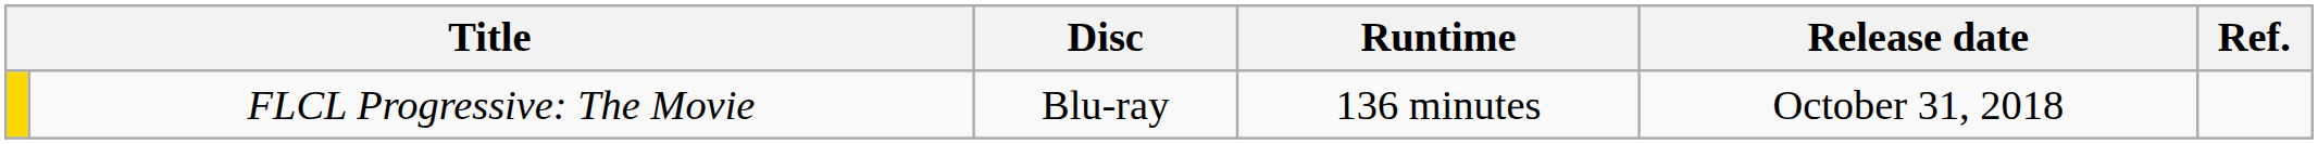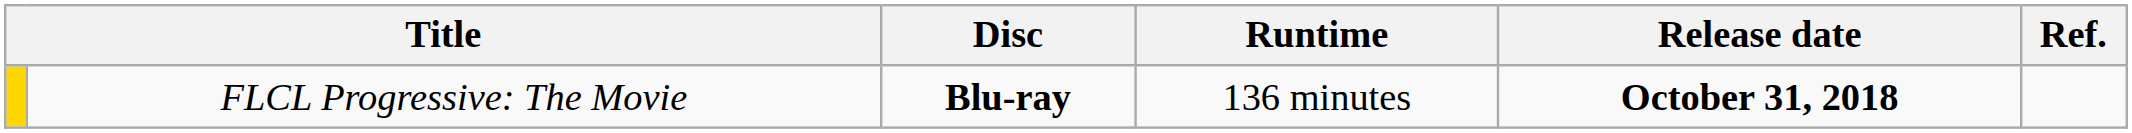 <table class="wikitable" style="text-align: center; width: 70%;">
 <tr>
 <th colspan="2">Title</th>
 <th>Disc</th>
 <th>Runtime</th>
 <th>Release date</th>
 <th width="5%">Ref.</th>
 </tr>
 <tr>
 <td rowspan="1" width="1%" style="background: #FED600;"></td>
 <td><em>FLCL Progressive: The Movie</em></td>
-<td>Blu-ray</td>
+<td><strong>Blu-ray</strong></td>
 <td>136 minutes</td>
-<td>October 31, 2018</td>
+<td><strong>October 31, 2018</strong></td>
 <td></td>
 </tr>
 </table>
